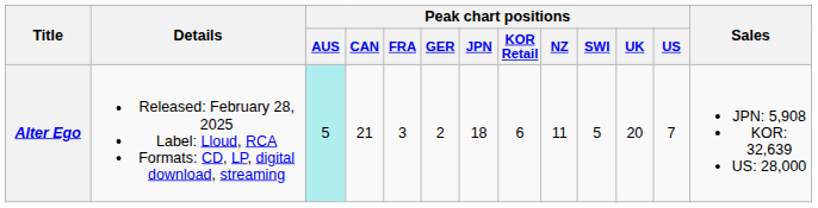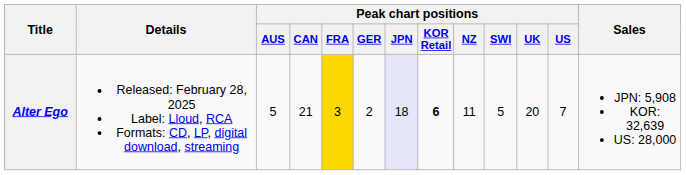 <table class="wikitable plainrowheaders" style="text-align:center;">
 <tr>
 <th scope="col" rowspan="2" style="width:7em;">Title</th>
 <th scope="col" rowspan="2" style="width:18em;">Details</th>
 <th scope="col" colspan="10">Peak chart positions</th>
 <th scope="col" rowspan="2" style="width:9em;">Sales</th>
 </tr>
 <tr>
 <th scope="col" style="width:2.75em;font-size:90%"><a href='#'>AUS</a><br></th>
 <th scope="col" style="width:2.5em;font-size:90%"><a href='#'>CAN</a><br></th>
 <th scope="col" style="width:2.5em;font-size:90%"><a href='#'>FRA</a><br></th>
 <th scope="col" style="width:2.5em;font-size:90%"><a href='#'>GER</a><br></th>
 <th scope="col" style="width:2.75em;font-size:90%"><a href='#'>JPN</a><br></th>
 <th scope="col" style="width:2.75em;font-size:90%"><a href='#'>KOR<br>Retail</a><br></th>
 <th scope="col" style="width:2.75em;font-size:90%"><a href='#'>NZ</a><br></th>
 <th scope="col" style="width:2.75em;font-size:90%"><a href='#'>SWI</a><br></th>
 <th scope="col" style="width:2.75em;font-size:90%"><a href='#'>UK</a><br></th>
 <th scope="col" style="width:2.75em;font-size:90%"><a href='#'>US</a><br></th>
 </tr>
 <tr>
 <th scope="row"><em><a href='#'>Alter Ego</a></em></th>
 <td><br><ul><li>Released: February 28, 2025</li><li>Label: <a href='#'>Lloud</a>, <a href='#'>RCA</a></li><li>Formats: <a href='#'>CD</a>, <a href='#'>LP</a>, <a href='#'>digital download</a>, <a href='#'>streaming</a></li></ul></td>
-<td style="background: paleturquoise;">5</td>
+<td>5</td>
 <td>21</td>
-<td>3</td>
+<td style="background: gold;">3</td>
 <td>2</td>
-<td>18</td>
-<td>6</td>
+<td style="background: lavender;">18</td>
+<td><strong>6</strong></td>
 <td>11</td>
 <td>5</td>
 <td>20</td>
 <td>7</td>
 <td><br><ul><li>JPN: 5,908</li><li>KOR: 32,639</li><li>US: 28,000</li></ul></td>
 </tr>
 </table>
